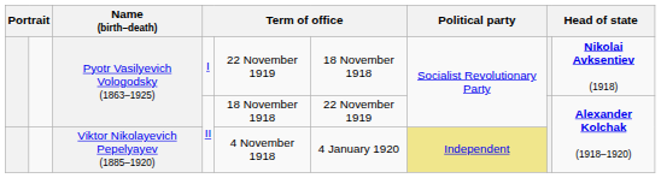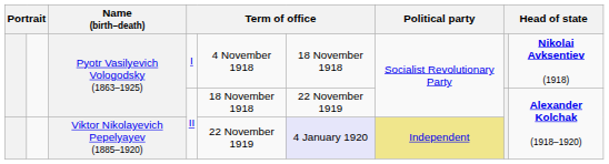 <table class="wikitable" style="margin:1em auto; text-align:center">
 <tr>
 <th colspan=2>Portrait</th>
 <th>Name<br><small>(birth–death)</small></th>
 <th colspan=3>Term of office</th>
 <th>Political party</th>
 <th colspan=2>Head of state</th>
 </tr>
 <tr>
 <th rowspan="2" style="background:"></th>
 <td rowspan="2"></td>
 <th rowspan="2"; scope="row" style="font-weight:normal";><a href='#'>Pyotr Vasilyevich Vologodsky</a><br><small>(1863–1925)</small></th>
 <td><a href='#'>I</a></td>
-<td>22 November 1919</td>
+<td>4 November 1918</td>
 <td>18 November 1918</td>
 <td rowspan="2"><a href='#'>Socialist Revolutionary Party</a></td>
 <th style="background:"></th>
 <td><strong><a href='#'>Nikolai Avksentiev</a></strong><br><br><small>(1918)</small></td>
 </tr>
 <tr>
 <td rowspan="2"><a href='#'>II</a></td>
 <td>18 November 1918</td>
 <td>22 November 1919</td>
 <th rowspan="2" style="background:"></th>
 <td rowspan=2><strong><a href='#'>Alexander Kolchak</a></strong><br><br><small>(1918–1920)</small></td>
 </tr>
 <tr>
 <th align=center style="background: "></th>
 <td></td>
 <th scope="row" style="font-weight:normal;"><a href='#'>Viktor Nikolayevich Pepelyayev</a><br><small>(1885–1920)</small></th>
-<td>4 November 1918</td>
-<td>4 January 1920</td>
+<td>22 November 1919</td>
+<td style="background: lavender;">4 January 1920</td>
 <td style="background: khaki;"><a href='#'>Independent</a></td>
 </tr>
 </table>
